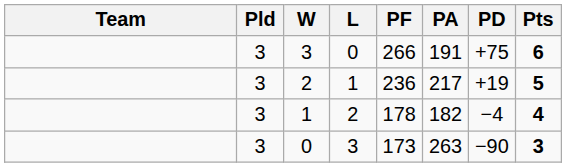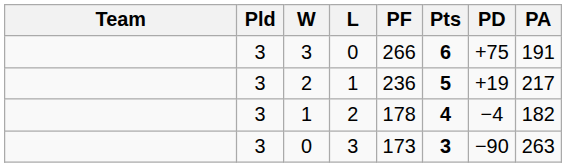 <table class=wikitable style="text-align:center">
 <tr>
 <th width=180>Team</th>
 <th width=30>Pld</th>
 <th width=30>W</th>
 <th width=30>L</th>
 <th width=30>PF</th>
+<th width=30>Pts</th>
+<th width=30>PD</th>
 <th width=30>PA</th>
-<th width=30>PD</th>
-<th width=30>Pts</th>
 </tr>
 <tr>
 <td align="left"></td>
 <td>3</td>
 <td>3</td>
 <td>0</td>
 <td>266</td>
+<td><strong>6</strong></td>
+<td>+75</td>
 <td>191</td>
-<td>+75</td>
-<td><strong>6</strong></td>
 </tr>
 <tr>
 <td align="left"></td>
 <td>3</td>
 <td>2</td>
 <td>1</td>
 <td>236</td>
+<td><strong>5</strong></td>
+<td>+19</td>
 <td>217</td>
-<td>+19</td>
-<td><strong>5</strong></td>
 </tr>
 <tr>
 <td align="left"></td>
 <td>3</td>
 <td>1</td>
 <td>2</td>
 <td>178</td>
+<td><strong>4</strong></td>
+<td>−4</td>
 <td>182</td>
-<td>−4</td>
-<td><strong>4</strong></td>
 </tr>
 <tr>
 <td align="left"></td>
 <td>3</td>
 <td>0</td>
 <td>3</td>
 <td>173</td>
+<td><strong>3</strong></td>
+<td>−90</td>
 <td>263</td>
-<td>−90</td>
-<td><strong>3</strong></td>
 </tr>
 </table>
